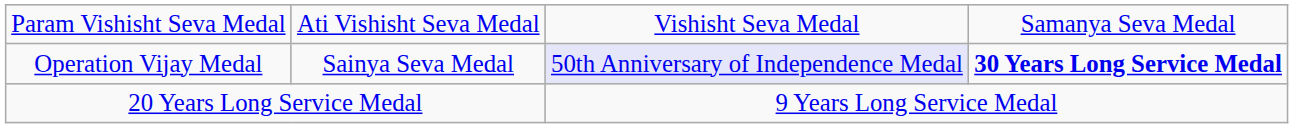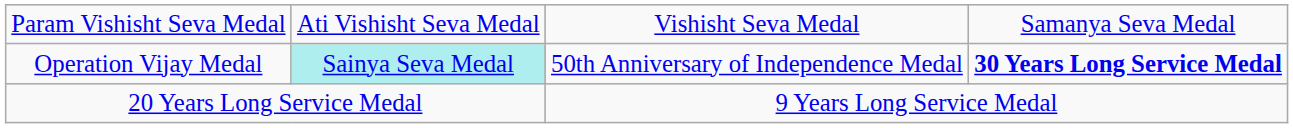 <table class="wikitable" style="margin:1em auto; text-align:center;">
 <tr>
 <td><a href='#'>Param Vishisht Seva Medal</a></td>
 <td><a href='#'>Ati Vishisht Seva Medal</a></td>
 <td><a href='#'>Vishisht Seva Medal</a></td>
 <td><a href='#'>Samanya Seva Medal</a></td>
 </tr>
 <tr>
 <td><a href='#'>Operation Vijay Medal</a></td>
-<td><a href='#'>Sainya Seva Medal</a></td>
-<td style="background: lavender;"><a href='#'>50th Anniversary of Independence Medal</a></td>
+<td style="background: paleturquoise;"><a href='#'>Sainya Seva Medal</a></td>
+<td><a href='#'>50th Anniversary of Independence Medal</a></td>
 <td><strong><a href='#'>30 Years Long Service Medal</a></strong></td>
 </tr>
 <tr>
 <td colspan="2"><a href='#'>20 Years Long Service Medal</a></td>
 <td colspan="2"><a href='#'>9 Years Long Service Medal</a></td>
 </tr>
 </table>
